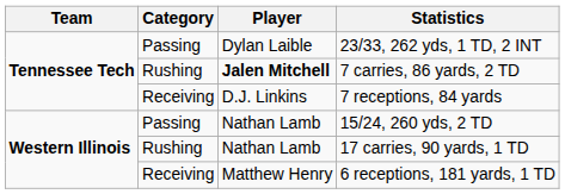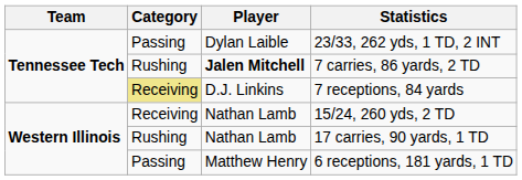 <table class="wikitable" style="float: right;">
 <tr>
 <th>Team</th>
 <th>Category</th>
 <th>Player</th>
 <th>Statistics</th>
 </tr>
 <tr>
 <td rowspan=3><strong>Tennessee Tech</strong></td>
 <td>Passing</td>
 <td>Dylan Laible</td>
 <td>23/33, 262 yds, 1 TD, 2 INT</td>
 </tr>
 <tr>
 <td>Rushing</td>
 <td><strong>Jalen Mitchell</strong></td>
 <td>7 carries, 86 yards, 2 TD</td>
 </tr>
 <tr>
-<td>Receiving</td>
+<td style="background: khaki;">Receiving</td>
 <td>D.J. Linkins</td>
 <td>7 receptions, 84 yards</td>
 </tr>
 <tr>
 <td rowspan=3><strong>Western Illinois</strong></td>
-<td>Passing</td>
+<td>Receiving</td>
 <td>Nathan Lamb</td>
 <td>15/24, 260 yds, 2 TD</td>
 </tr>
 <tr>
 <td>Rushing</td>
 <td>Nathan Lamb</td>
 <td>17 carries, 90 yards, 1 TD</td>
 </tr>
 <tr>
-<td>Receiving</td>
+<td>Passing</td>
 <td>Matthew Henry</td>
 <td>6 receptions, 181 yards, 1 TD</td>
 </tr>
 </table>
